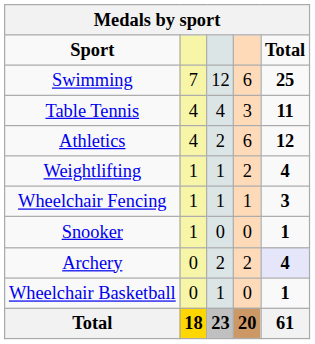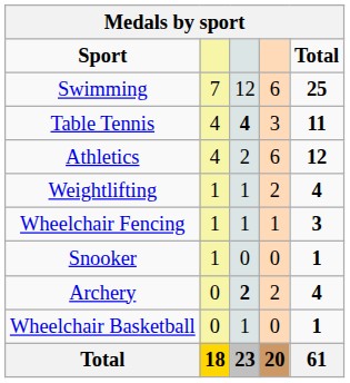 <table class="wikitable" style="font-size:95%">
 <tr style="background:#efefef;">
 <th colspan=5>Medals by sport</th>
 </tr>
 <tr style="text-align:center;">
 <td><strong>Sport</strong></td>
 <td bgcolor=#f7f6a8></td>
 <td bgcolor=#dce5e5></td>
 <td bgcolor=#ffdab9></td>
 <td><strong>Total</strong></td>
 </tr>
 <tr style="text-align:center;">
 <td><a href='#'>Swimming</a></td>
 <td style="background:#F7F6A8;">7</td>
 <td style="background:#DCE5E5;">12</td>
 <td style="background:#FFDAB9;">6</td>
 <td><strong>25</strong></td>
 </tr>
 <tr style="text-align:center;">
 <td><a href='#'>Table Tennis</a></td>
 <td style="background:#F7F6A8;">4</td>
-<td style="background:#DCE5E5;">4</td>
+<td style="background:#DCE5E5;"><strong>4</strong></td>
 <td style="background:#FFDAB9;">3</td>
 <td><strong>11</strong></td>
 </tr>
 <tr style="text-align:center;">
 <td><a href='#'>Athletics</a></td>
 <td style="background:#F7F6A8;">4</td>
 <td style="background:#DCE5E5;">2</td>
 <td style="background:#FFDAB9;">6</td>
 <td><strong>12</strong></td>
 </tr>
 <tr style="text-align:center;">
 <td><a href='#'>Weightlifting</a></td>
 <td style="background:#F7F6A8;">1</td>
 <td style="background:#DCE5E5;">1</td>
 <td style="background:#FFDAB9;">2</td>
 <td><strong>4</strong></td>
 </tr>
 <tr style="text-align:center;">
 <td><a href='#'>Wheelchair Fencing</a></td>
 <td style="background:#F7F6A8;">1</td>
 <td style="background:#DCE5E5;">1</td>
 <td style="background:#FFDAB9;">1</td>
 <td><strong>3</strong></td>
 </tr>
 <tr style="text-align:center;">
 <td><a href='#'>Snooker</a></td>
 <td style="background:#F7F6A8;">1</td>
 <td style="background:#DCE5E5;">0</td>
 <td style="background:#FFDAB9;">0</td>
 <td><strong>1</strong></td>
 </tr>
 <tr style="text-align:center;">
 <td><a href='#'>Archery</a></td>
 <td style="background:#F7F6A8;">0</td>
-<td style="background:#DCE5E5;">2</td>
+<td style="background:#DCE5E5;"><strong>2</strong></td>
 <td style="background:#FFDAB9;">2</td>
-<td style="background: lavender;"><strong>4</strong></td>
+<td><strong>4</strong></td>
 </tr>
 <tr style="text-align:center;">
 <td><a href='#'>Wheelchair Basketball</a></td>
 <td style="background:#F7F6A8;">0</td>
 <td style="background:#DCE5E5;">1</td>
 <td style="background:#FFDAB9;">0</td>
 <td><strong>1</strong></td>
 </tr>
 <tr>
 <th>Total</th>
 <th style="background:gold;">18</th>
 <th style="background:silver;">23</th>
 <th style="background:#c96;">20</th>
 <th>61</th>
 </tr>
 </table>
